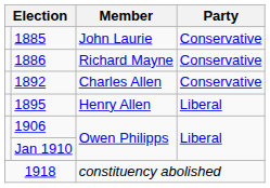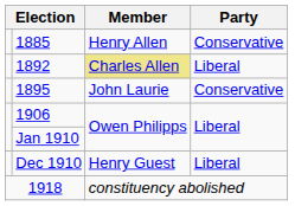 <table class="wikitable">
 <tr>
 <th colspan="2">Election</th>
 <th>Member</th>
 <th>Party</th>
 </tr>
 <tr>
 <td style="color:inherit;background-color: "></td>
 <td><a href='#'>1885</a></td>
-<td><a href='#'>John Laurie</a></td>
-<td><a href='#'>Conservative</a></td>
-</tr>
-<tr>
-<td style="color:inherit;background-color: "></td>
-<td><a href='#'>1886</a></td>
-<td><a href='#'>Richard Mayne</a></td>
+<td><a href='#'>Henry Allen</a></td>
 <td><a href='#'>Conservative</a></td>
 </tr>
 <tr>
 <td style="color:inherit;background-color: "></td>
 <td><a href='#'>1892</a></td>
-<td><a href='#'>Charles Allen</a></td>
-<td><a href='#'>Conservative</a></td>
+<td style="background: khaki;"><a href='#'>Charles Allen</a></td>
+<td><a href='#'>Liberal</a></td>
 </tr>
 <tr>
 <td style="color:inherit;background-color: "></td>
 <td><a href='#'>1895</a></td>
-<td><a href='#'>Henry Allen</a></td>
-<td><a href='#'>Liberal</a></td>
+<td><a href='#'>John Laurie</a></td>
+<td><a href='#'>Conservative</a></td>
 </tr>
 <tr>
 <td rowspan="2" style="color:inherit;background-color:"></td>
 <td><a href='#'>1906</a></td>
 <td rowspan="2"><a href='#'>Owen Philipps</a></td>
 <td rowspan="2"><a href='#'>Liberal</a></td>
 </tr>
 <tr>
 <td><a href='#'>Jan 1910</a></td>
 </tr>
 <tr>
+<td style="color:inherit;background-color:"></td>
+<td><a href='#'>Dec 1910</a></td>
+<td><a href='#'>Henry Guest</a></td>
+<td><a href='#'>Liberal</a></td>
+</tr>
+<tr>
 <td colspan="2" align="center"><a href='#'>1918</a></td>
 <td colspan="2"><em>constituency abolished</em></td>
 </tr>
 </table>
